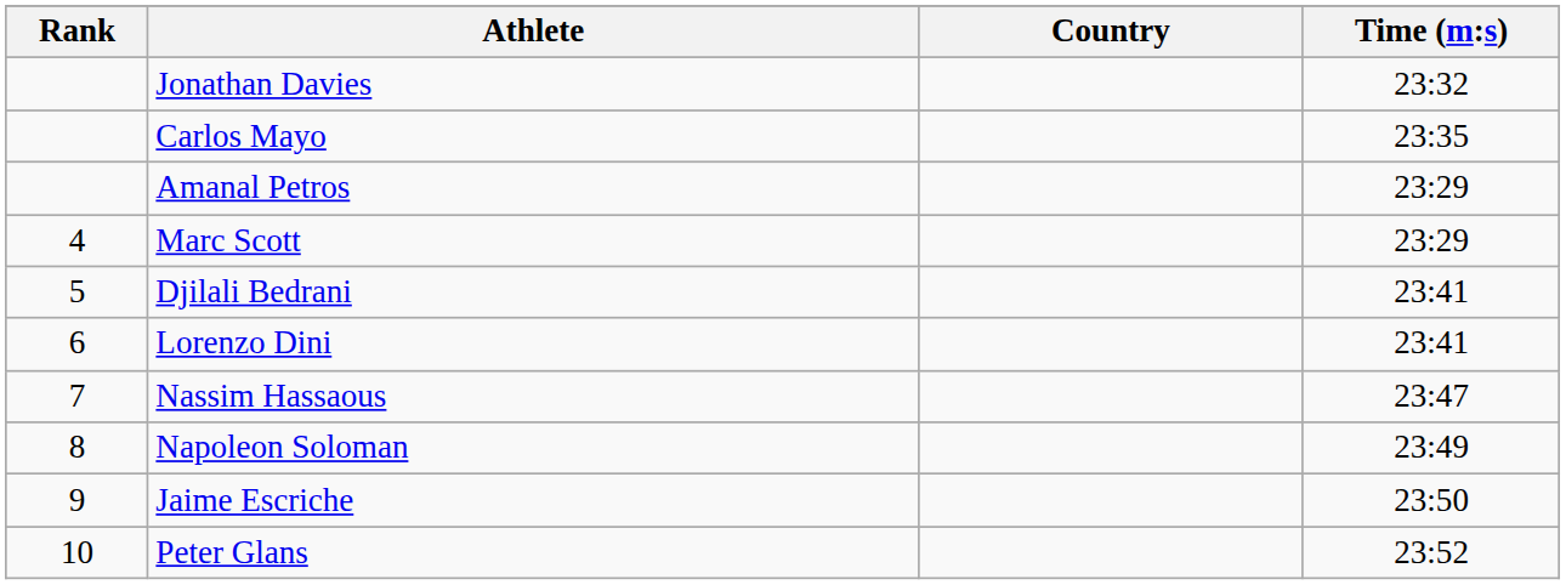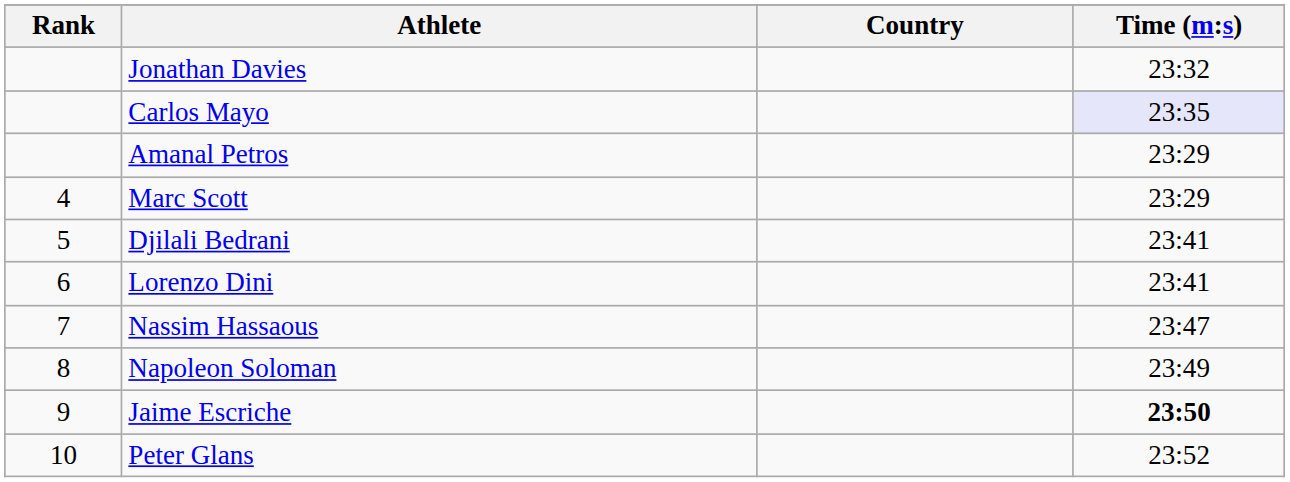 <table class="wikitable" style="text-align:center;" width="60%">
 <tr>
 </tr>
 <tr>
 <th width=5%>Rank</th>
 <th width=30%>Athlete</th>
 <th width=15%>Country</th>
 <th width=10%>Time (<a href='#'>m</a>:<a href='#'>s</a>)</th>
 </tr>
 <tr>
 <td></td>
 <td align="left"><a href='#'>Jonathan Davies</a></td>
 <td align="left"></td>
 <td>23:32</td>
 </tr>
 <tr>
 <td></td>
 <td align="left"><a href='#'>Carlos Mayo</a></td>
 <td align="left"></td>
-<td>23:35</td>
+<td style="background: lavender;">23:35</td>
 </tr>
 <tr>
 <td></td>
 <td align="left"><a href='#'>Amanal Petros</a></td>
 <td align="left"></td>
 <td>23:29</td>
 </tr>
 <tr>
 <td>4</td>
 <td align="left"><a href='#'>Marc Scott</a></td>
 <td align="left"></td>
 <td>23:29</td>
 </tr>
 <tr>
 <td>5</td>
 <td align="left"><a href='#'>Djilali Bedrani</a></td>
 <td align="left"></td>
 <td>23:41</td>
 </tr>
 <tr>
 <td>6</td>
 <td align="left"><a href='#'>Lorenzo Dini</a></td>
 <td align="left"></td>
 <td>23:41</td>
 </tr>
 <tr>
 <td>7</td>
 <td align="left"><a href='#'>Nassim Hassaous</a></td>
 <td align="left"></td>
 <td>23:47</td>
 </tr>
 <tr>
 <td>8</td>
 <td align="left"><a href='#'>Napoleon Soloman</a></td>
 <td align="left"></td>
 <td>23:49</td>
 </tr>
 <tr>
 <td>9</td>
 <td align="left"><a href='#'>Jaime Escriche</a></td>
 <td align="left"></td>
-<td>23:50</td>
+<td><strong>23:50</strong></td>
 </tr>
 <tr>
 <td>10</td>
 <td align="left"><a href='#'>Peter Glans</a></td>
 <td align="left"></td>
 <td>23:52</td>
 </tr>
 </table>
